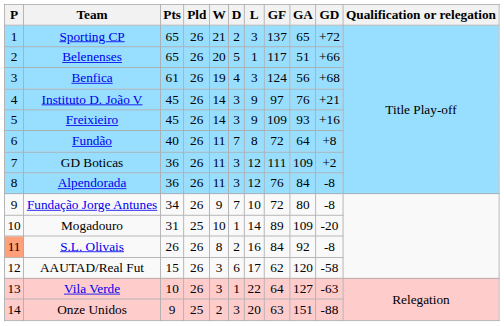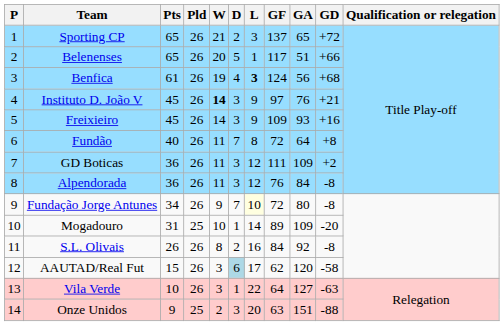 <table class="wikitable sortable" style="text-align: center;">
 <tr>
 <th align="center">P</th>
 <th align="center">Team</th>
 <th align="center">Pts</th>
 <th align="center">Pld</th>
 <th align="center">W</th>
 <th align="center">D</th>
 <th align="center">L</th>
 <th align="center">GF</th>
 <th align="center">GA</th>
 <th align="center">GD</th>
 <th align="center">Qualification or relegation</th>
 </tr>
 <tr ! style="background:#97DEFF;">
 <td>1</td>
 <td><a href='#'>Sporting CP</a></td>
 <td>65</td>
 <td>26</td>
 <td>21</td>
 <td>2</td>
 <td>3</td>
 <td>137</td>
 <td>65</td>
 <td>+72</td>
 <td rowspan=8 align="center">Title Play-off</td>
 </tr>
 <tr ! style="background:#97DEFF;">
 <td>2</td>
 <td><a href='#'>Belenenses</a></td>
 <td>65</td>
 <td>26</td>
 <td>20</td>
 <td>5</td>
 <td>1</td>
 <td>117</td>
 <td>51</td>
 <td>+66</td>
 </tr>
 <tr ! style="background:#97DEFF;">
 <td>3</td>
 <td><a href='#'>Benfica</a></td>
 <td>61</td>
 <td>26</td>
 <td>19</td>
 <td>4</td>
-<td>3</td>
+<td><strong>3</strong></td>
 <td>124</td>
 <td>56</td>
 <td>+68</td>
 </tr>
 <tr ! style="background:#97DEFF;">
 <td>4</td>
 <td><a href='#'>Instituto D. João V</a></td>
 <td>45</td>
 <td>26</td>
-<td>14</td>
+<td><strong>14</strong></td>
 <td>3</td>
 <td>9</td>
 <td>97</td>
 <td>76</td>
 <td>+21</td>
 </tr>
 <tr ! style="background:#97DEFF;">
 <td>5</td>
 <td><a href='#'>Freixieiro</a></td>
 <td>45</td>
 <td>26</td>
 <td>14</td>
 <td>3</td>
 <td>9</td>
 <td>109</td>
 <td>93</td>
 <td>+16</td>
 </tr>
 <tr ! style="background:#97DEFF;">
 <td>6</td>
 <td><a href='#'>Fundão</a></td>
 <td>40</td>
 <td>26</td>
 <td>11</td>
 <td>7</td>
 <td>8</td>
 <td>72</td>
 <td>64</td>
 <td>+8</td>
 </tr>
 <tr ! style="background:#97DEFF;">
 <td>7</td>
 <td>GD Boticas</td>
 <td>36</td>
 <td>26</td>
 <td>11</td>
 <td>3</td>
 <td>12</td>
 <td>111</td>
 <td>109</td>
 <td>+2</td>
 </tr>
 <tr ! style="background:#97DEFF;">
 <td>8</td>
 <td><a href='#'>Alpendorada</a></td>
 <td>36</td>
 <td>26</td>
 <td>11</td>
 <td>3</td>
 <td>12</td>
 <td>76</td>
 <td>84</td>
 <td>-8</td>
 </tr>
 <tr>
 <td>9</td>
 <td><a href='#'>Fundação Jorge Antunes</a></td>
 <td>34</td>
 <td>26</td>
 <td>9</td>
 <td>7</td>
-<td>10</td>
+<td style="background: lightyellow;">10</td>
 <td>72</td>
 <td>80</td>
 <td>-8</td>
 </tr>
 <tr>
 <td>10</td>
 <td>Mogadouro</td>
 <td>31</td>
 <td>25</td>
 <td>10</td>
 <td>1</td>
 <td>14</td>
 <td>89</td>
 <td>109</td>
 <td>-20</td>
 </tr>
 <tr>
-<td style="background: lightsalmon;">11</td>
+<td>11</td>
 <td><a href='#'>S.L. Olivais</a></td>
 <td>26</td>
 <td>26</td>
 <td>8</td>
 <td>2</td>
 <td>16</td>
 <td>84</td>
 <td>92</td>
 <td>-8</td>
 </tr>
 <tr>
 <td>12</td>
 <td>AAUTAD/Real Fut</td>
 <td>15</td>
 <td>26</td>
 <td>3</td>
-<td>6</td>
+<td style="background: lightblue;">6</td>
 <td>17</td>
 <td>62</td>
 <td>120</td>
 <td>-58</td>
 </tr>
 <tr ! style="background:#FFCCCC;">
 <td>13</td>
 <td><a href='#'>Vila Verde</a></td>
 <td>10</td>
 <td>26</td>
 <td>3</td>
 <td>1</td>
 <td>22</td>
 <td>64</td>
 <td>127</td>
 <td>-63</td>
 <td rowspan=2 align="center">Relegation</td>
 </tr>
 <tr ! style="background:#FFCCCC;">
 <td>14</td>
 <td>Onze Unidos</td>
 <td>9</td>
 <td>25</td>
 <td>2</td>
 <td>3</td>
 <td>20</td>
 <td>63</td>
 <td>151</td>
 <td>-88</td>
 </tr>
 </table>
